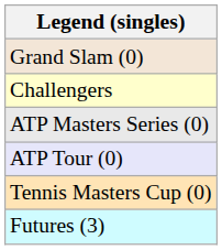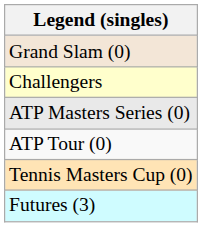 <table class="wikitable">
 <tr>
 <th>Legend (singles)</th>
 </tr>
 <tr bgcolor="#f3e6d7">
 <td>Grand Slam (0)</td>
 </tr>
 <tr bgcolor="ffffcc">
 <td>Challengers</td>
 </tr>
 <tr bgcolor="e9e9e9">
 <td>ATP Masters Series (0)</td>
 </tr>
 <tr>
-<td style="background: lavender;">ATP Tour (0)</td>
+<td>ATP Tour (0)</td>
 </tr>
 <tr bgcolor="moccasin">
 <td>Tennis Masters Cup (0)</td>
 </tr>
 <tr bgcolor="CFFCFF">
 <td>Futures (3)</td>
 </tr>
 </table>
